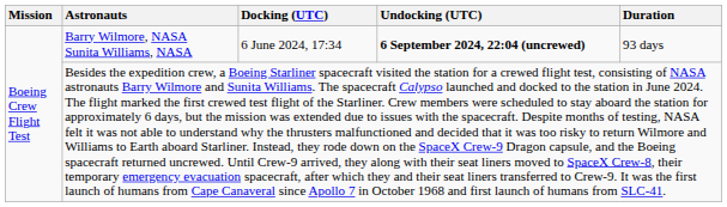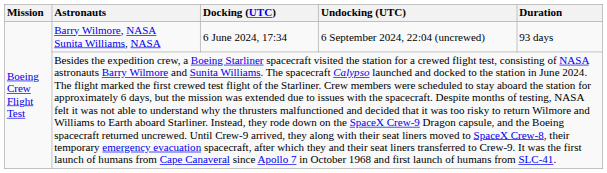 <table class="wikitable">
 <tr>
 <th style="text-align:left">Mission</th>
 <th style="text-align:left">Astronauts</th>
 <th style="text-align:left">Docking (<a href='#'>UTC</a>)</th>
 <th style="text-align:left">Undocking (UTC)</th>
 <th style="text-align:left">Duration</th>
 </tr>
 <tr>
 <td rowspan=2><a href='#'>Boeing Crew Flight Test</a></td>
 <td> <a href='#'>Barry Wilmore</a>, <a href='#'>NASA</a><br> <a href='#'>Sunita Williams</a>, <a href='#'>NASA</a></td>
 <td>6 June 2024, 17:34</td>
-<td><strong>6 September 2024, 22:04 (uncrewed)</strong></td>
+<td>6 September 2024, 22:04 (uncrewed)</td>
 <td>93 days</td>
 </tr>
 <tr>
 <td colspan=4>Besides the expedition crew, a <a href='#'>Boeing Starliner</a> spacecraft visited the station for a crewed flight test, consisting of <a href='#'>NASA</a> astronauts <a href='#'>Barry Wilmore</a> and <a href='#'>Sunita Williams</a>. The spacecraft <a href='#'><em>Calypso</em></a> launched and docked to the station in June 2024. The flight marked the first crewed test flight of the Starliner. Crew members were scheduled to stay aboard the station for approximately 6 days, but the mission was extended due to issues with the spacecraft. Despite months of testing, NASA felt it was not able to understand why the thrusters malfunctioned and decided that it was too risky to return Wilmore and Williams to Earth aboard Starliner. Instead, they rode down on the <a href='#'>SpaceX Crew-9</a> Dragon capsule, and the Boeing spacecraft returned uncrewed. Until Crew-9 arrived, they along with their seat liners moved to <a href='#'>SpaceX Crew-8</a>, their temporary <a href='#'>emergency evacuation</a> spacecraft, after which they and their seat liners transferred to Crew-9. It was the first launch of humans from <a href='#'>Cape Canaveral</a> since <a href='#'>Apollo 7</a> in October 1968 and first launch of humans from <a href='#'>SLC-41</a>.</td>
 </tr>
 </table>
